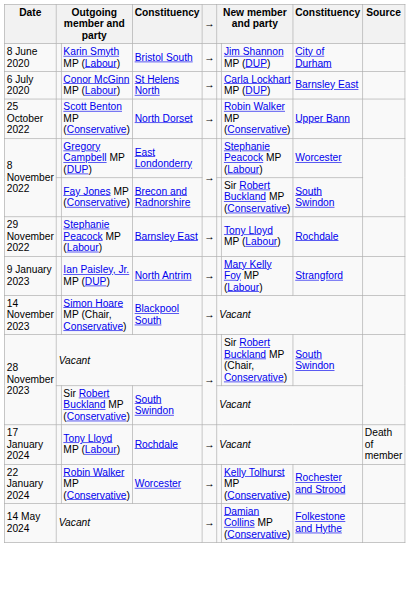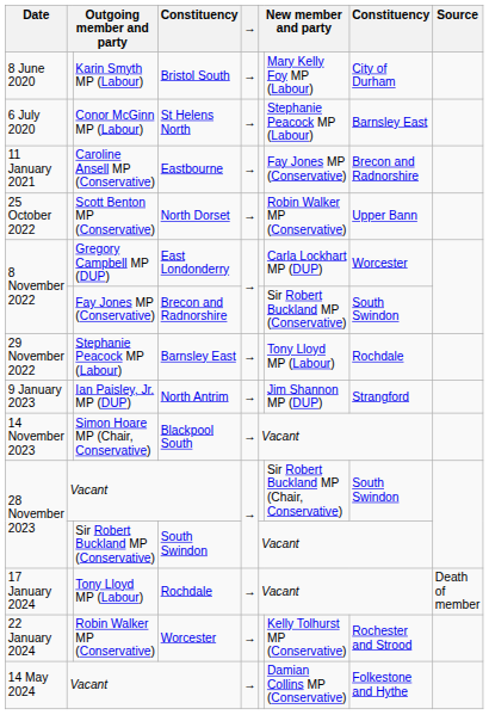 <table class="wikitable">
 <tr>
 <th valign="top">Date</th>
 <th colspan="2" valign="top">Outgoing member and party</th>
 <th valign="top">Constituency</th>
 <th>→</th>
 <th colspan="2" valign="top">New member and party</th>
 <th valign="top">Constituency</th>
 <th valign="top">Source</th>
 </tr>
 <tr>
 <td>8 June 2020</td>
 <td style="color:inherit;background:"></td>
 <td><a href='#'>Karin Smyth</a> MP (<a href='#'>Labour</a>)</td>
 <td><a href='#'>Bristol South</a></td>
 <td>→</td>
 <td style="color:inherit;background:"></td>
-<td><a href='#'>Jim Shannon</a> MP (<a href='#'>DUP</a>)</td>
+<td><a href='#'>Mary Kelly Foy</a> MP (<a href='#'>Labour</a>)</td>
 <td><a href='#'>City of Durham</a></td>
 <td></td>
 </tr>
 <tr>
 <td>6 July 2020</td>
 <td style="color:inherit;background:"></td>
 <td><a href='#'>Conor McGinn</a> MP (<a href='#'>Labour</a>)</td>
 <td><a href='#'>St Helens North</a></td>
 <td>→</td>
 <td style="color:inherit;background:"></td>
-<td><a href='#'>Carla Lockhart</a> MP (<a href='#'>DUP</a>)</td>
+<td><a href='#'>Stephanie Peacock</a> MP (<a href='#'>Labour</a>)</td>
 <td><a href='#'>Barnsley East</a></td>
+<td></td>
+</tr>
+<tr>
+<td>11 January 2021</td>
+<td style="color:inherit;background:"></td>
+<td><a href='#'>Caroline Ansell</a> MP (<a href='#'>Conservative</a>)</td>
+<td><a href='#'>Eastbourne</a></td>
+<td>→</td>
+<td style="color:inherit;background:"></td>
+<td><a href='#'>Fay Jones</a> MP (<a href='#'>Conservative</a>)</td>
+<td><a href='#'>Brecon and Radnorshire</a></td>
 <td></td>
 </tr>
 <tr>
 <td>25 October 2022</td>
 <td style="color:inherit;background:"></td>
 <td><a href='#'>Scott Benton</a> MP (<a href='#'>Conservative</a>)</td>
 <td><a href='#'>North Dorset</a></td>
 <td>→</td>
 <td style="color:inherit;background:"></td>
 <td><a href='#'>Robin Walker</a> MP (<a href='#'>Conservative</a>)</td>
 <td><a href='#'>Upper Bann</a></td>
 <td></td>
 </tr>
 <tr>
 <td rowspan=2>8 November 2022</td>
 <td style="color:inherit;background:"></td>
 <td><a href='#'>Gregory Campbell</a> MP (<a href='#'>DUP</a>)</td>
 <td><a href='#'>East Londonderry</a></td>
 <td rowspan=2>→</td>
 <td style="color:inherit;background:"></td>
-<td><a href='#'>Stephanie Peacock</a> MP (<a href='#'>Labour</a>)</td>
+<td><a href='#'>Carla Lockhart</a> MP (<a href='#'>DUP</a>)</td>
 <td><a href='#'>Worcester</a></td>
 <td rowspan=2></td>
 </tr>
 <tr>
 <td style="color:inherit;background:"></td>
 <td><a href='#'>Fay Jones</a> MP (<a href='#'>Conservative</a>)</td>
 <td><a href='#'>Brecon and Radnorshire</a></td>
 <td style="color:inherit;background:"></td>
 <td>Sir <a href='#'>Robert Buckland</a> MP (<a href='#'>Conservative</a>)</td>
 <td><a href='#'>South Swindon</a></td>
 </tr>
 <tr>
 <td>29 November 2022</td>
 <td style="color:inherit;background:"></td>
 <td><a href='#'>Stephanie Peacock</a> MP (<a href='#'>Labour</a>)</td>
 <td><a href='#'>Barnsley East</a></td>
 <td>→</td>
 <td style="color:inherit;background:"></td>
 <td><a href='#'>Tony Lloyd</a> MP (<a href='#'>Labour</a>)</td>
 <td><a href='#'>Rochdale</a></td>
 <td></td>
 </tr>
 <tr>
 <td>9 January 2023</td>
 <td style="color:inherit;background:"></td>
 <td><a href='#'>Ian Paisley, Jr.</a> MP (<a href='#'>DUP</a>)</td>
 <td><a href='#'>North Antrim</a></td>
 <td>→</td>
 <td style="color:inherit;background:"></td>
-<td><a href='#'>Mary Kelly Foy</a> MP (<a href='#'>Labour</a>)</td>
+<td><a href='#'>Jim Shannon</a> MP (<a href='#'>DUP</a>)</td>
 <td><a href='#'>Strangford</a></td>
 <td></td>
 </tr>
 <tr>
 <td>14 November 2023</td>
 <td style="color:inherit;background:"></td>
 <td><a href='#'>Simon Hoare</a> MP (Chair, <a href='#'>Conservative</a>)</td>
 <td><a href='#'>Blackpool South</a></td>
 <td>→</td>
 <td colspan=3><em>Vacant</em></td>
 <td></td>
 </tr>
 <tr>
 <td rowspan=2>28 November 2023</td>
 <td colspan=3><em>Vacant</em></td>
 <td rowspan=2>→</td>
 <td style="color:inherit;background:"></td>
 <td>Sir <a href='#'>Robert Buckland</a> MP (Chair, <a href='#'>Conservative</a>)</td>
 <td><a href='#'>South Swindon</a></td>
 <td rowspan=2></td>
 </tr>
 <tr>
 <td style="color:inherit;background:"></td>
 <td>Sir <a href='#'>Robert Buckland</a> MP (<a href='#'>Conservative</a>)</td>
 <td><a href='#'>South Swindon</a></td>
 <td colspan=3><em>Vacant</em></td>
 </tr>
 <tr>
 <td>17 January 2024</td>
 <td style="color:inherit;background:"></td>
 <td><a href='#'>Tony Lloyd</a> MP (<a href='#'>Labour</a>)</td>
 <td><a href='#'>Rochdale</a></td>
 <td>→</td>
 <td colspan=3><em>Vacant</em></td>
 <td>Death of member</td>
 </tr>
 <tr>
 <td>22 January 2024</td>
 <td style="color:inherit;background:"></td>
 <td><a href='#'>Robin Walker</a> MP (<a href='#'>Conservative</a>)</td>
 <td><a href='#'>Worcester</a></td>
 <td>→</td>
 <td style="color:inherit;background:"></td>
 <td><a href='#'>Kelly Tolhurst</a> MP (<a href='#'>Conservative</a>)</td>
 <td><a href='#'>Rochester and Strood</a></td>
 <td></td>
 </tr>
 <tr>
 <td>14 May 2024</td>
 <td colspan=3><em>Vacant</em></td>
 <td>→</td>
 <td style="color:inherit;background:"></td>
 <td><a href='#'>Damian Collins</a> MP (<a href='#'>Conservative</a>)</td>
 <td><a href='#'>Folkestone and Hythe</a></td>
 <td></td>
 </tr>
 </table>
